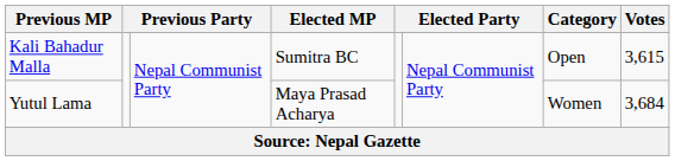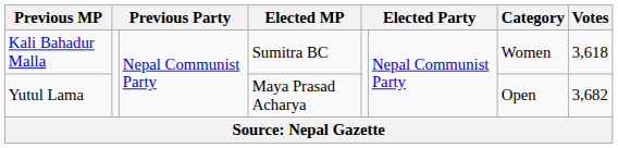 <table class="wikitable">
 <tr>
 <th>Previous MP</th>
 <th colspan="2">Previous Party</th>
 <th>Elected MP</th>
 <th colspan="2">Elected Party</th>
 <th>Category</th>
 <th>Votes</th>
 </tr>
 <tr>
 <td><a href='#'>Kali Bahadur Malla</a></td>
 <td rowspan="2"></td>
 <td rowspan="2"><a href='#'>Nepal Communist Party</a></td>
 <td>Sumitra BC</td>
 <td rowspan="2"></td>
 <td rowspan="2"><a href='#'>Nepal Communist Party</a></td>
-<td>Open</td>
-<td>3,615</td>
+<td>Women</td>
+<td>3,618</td>
 </tr>
 <tr>
 <td>Yutul Lama</td>
 <td>Maya Prasad Acharya</td>
-<td>Women</td>
-<td>3,684</td>
+<td>Open</td>
+<td>3,682</td>
 </tr>
 <tr>
 <th colspan="8">Source: Nepal Gazette</th>
 </tr>
 </table>
